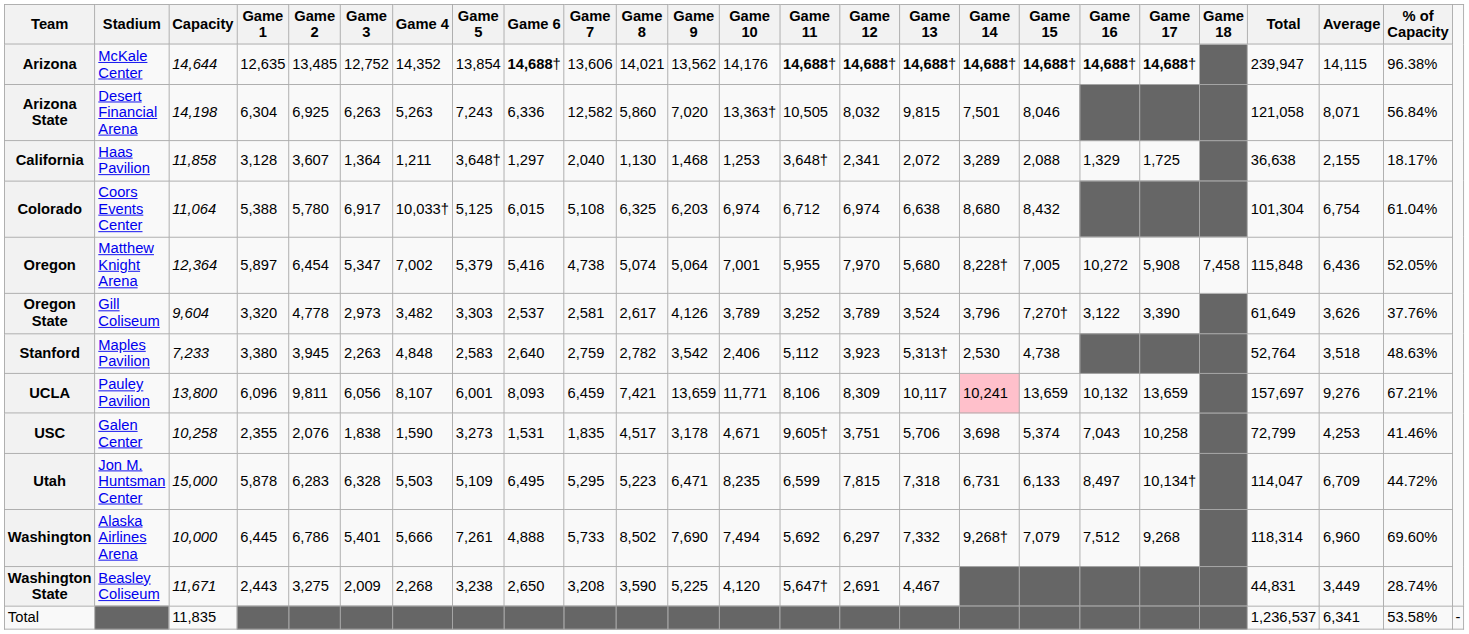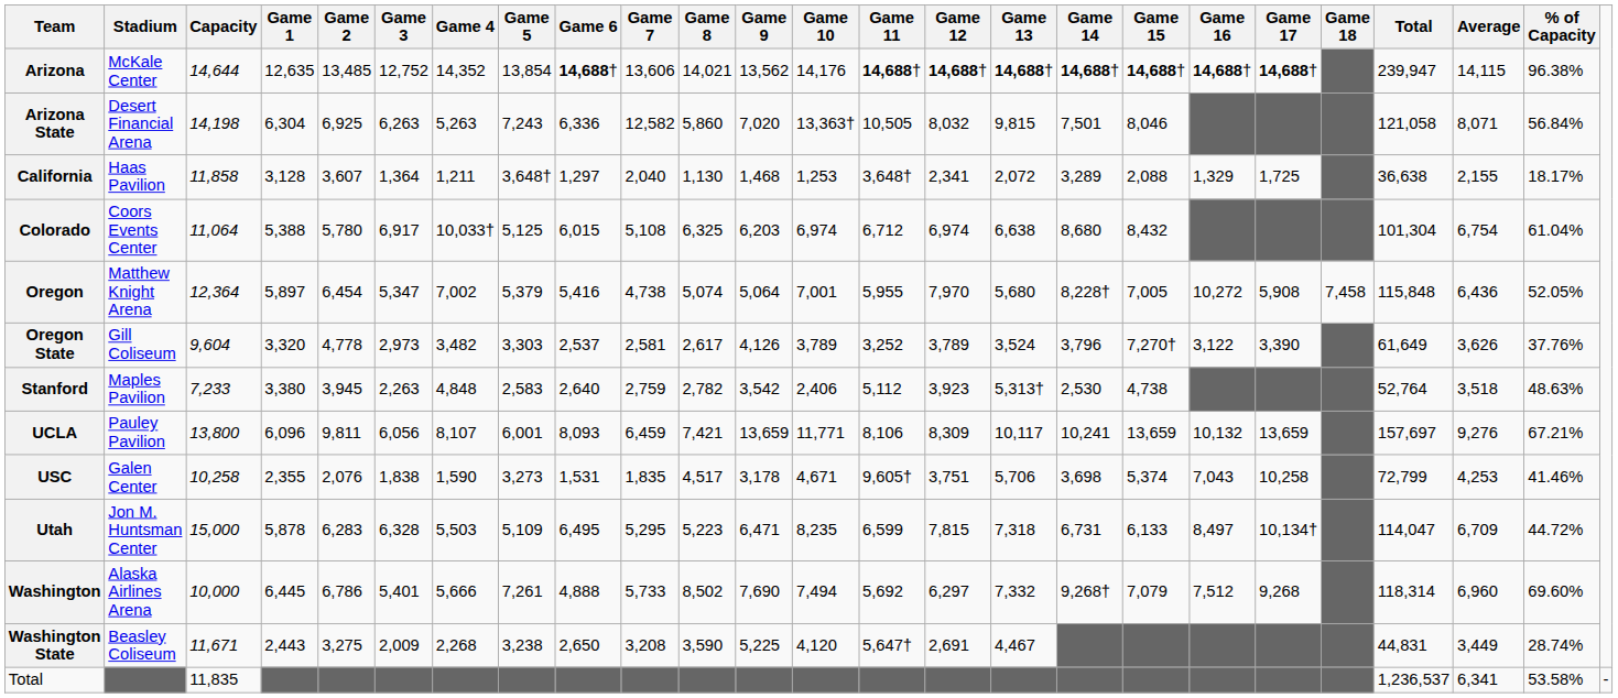 <table class="wikitable">
 <tr>
 <th>Team</th>
 <th>Stadium</th>
 <th>Capacity</th>
 <th>Game 1</th>
 <th>Game 2</th>
 <th>Game 3</th>
 <th>Game 4</th>
 <th>Game 5</th>
 <th>Game 6</th>
 <th>Game 7</th>
 <th>Game 8</th>
 <th>Game 9</th>
 <th>Game 10</th>
 <th>Game 11</th>
 <th>Game 12</th>
 <th>Game 13</th>
 <th>Game 14</th>
 <th>Game 15</th>
 <th>Game 16</th>
 <th>Game 17</th>
 <th>Game 18</th>
 <th>Total</th>
 <th>Average</th>
 <th>% of Capacity</th>
 </tr>
 <tr>
 <th style=>Arizona</th>
 <td><a href='#'>McKale Center</a></td>
 <td><em>14,644</em></td>
 <td>12,635</td>
 <td>13,485</td>
 <td>12,752</td>
 <td>14,352</td>
 <td>13,854</td>
 <td><strong>14,688</strong>†</td>
 <td>13,606</td>
 <td>14,021</td>
 <td>13,562</td>
 <td>14,176</td>
 <td><strong>14,688</strong>†</td>
 <td><strong>14,688</strong>†</td>
 <td><strong>14,688</strong>†</td>
 <td><strong>14,688</strong>†</td>
 <td><strong>14,688</strong>†</td>
 <td><strong>14,688</strong>†</td>
 <td><strong>14,688</strong>†</td>
 <td style="background:#666666;"></td>
 <td>239,947</td>
 <td>14,115</td>
 <td>96.38%</td>
 </tr>
 <tr>
 <th style=>Arizona State</th>
 <td><a href='#'>Desert Financial Arena</a></td>
 <td><em>14,198</em></td>
 <td>6,304</td>
 <td>6,925</td>
 <td>6,263</td>
 <td>5,263</td>
 <td>7,243</td>
 <td>6,336</td>
 <td>12,582</td>
 <td>5,860</td>
 <td>7,020</td>
 <td>13,363†</td>
 <td>10,505</td>
 <td>8,032</td>
 <td>9,815</td>
 <td>7,501</td>
 <td>8,046</td>
 <td style="background:#666666;"></td>
 <td style="background:#666666;"></td>
 <td style="background:#666666;"></td>
 <td>121,058</td>
 <td>8,071</td>
 <td>56.84%</td>
 </tr>
 <tr>
 <th style=>California</th>
 <td><a href='#'>Haas Pavilion</a></td>
 <td><em>11,858</em></td>
 <td>3,128</td>
 <td>3,607</td>
 <td>1,364</td>
 <td>1,211</td>
 <td>3,648†</td>
 <td>1,297</td>
 <td>2,040</td>
 <td>1,130</td>
 <td>1,468</td>
 <td>1,253</td>
 <td>3,648†</td>
 <td>2,341</td>
 <td>2,072</td>
 <td>3,289</td>
 <td>2,088</td>
 <td>1,329</td>
 <td>1,725</td>
 <td style="background:#666666;"></td>
 <td>36,638</td>
 <td>2,155</td>
 <td>18.17%</td>
 </tr>
 <tr>
 <th style=>Colorado</th>
 <td><a href='#'>Coors Events Center</a></td>
 <td><em>11,064</em></td>
 <td>5,388</td>
 <td>5,780</td>
 <td>6,917</td>
 <td>10,033†</td>
 <td>5,125</td>
 <td>6,015</td>
 <td>5,108</td>
 <td>6,325</td>
 <td>6,203</td>
 <td>6,974</td>
 <td>6,712</td>
 <td>6,974</td>
 <td>6,638</td>
 <td>8,680</td>
 <td>8,432</td>
 <td style="background:#666666;"></td>
 <td style="background:#666666;"></td>
 <td style="background:#666666;"></td>
 <td>101,304</td>
 <td>6,754</td>
 <td>61.04%</td>
 </tr>
 <tr>
 <th style=>Oregon</th>
 <td><a href='#'>Matthew Knight Arena</a></td>
 <td><em>12,364</em></td>
 <td>5,897</td>
 <td>6,454</td>
 <td>5,347</td>
 <td>7,002</td>
 <td>5,379</td>
 <td>5,416</td>
 <td>4,738</td>
 <td>5,074</td>
 <td>5,064</td>
 <td>7,001</td>
 <td>5,955</td>
 <td>7,970</td>
 <td>5,680</td>
 <td>8,228†</td>
 <td>7,005</td>
 <td>10,272</td>
 <td>5,908</td>
 <td>7,458</td>
 <td>115,848</td>
 <td>6,436</td>
 <td>52.05%</td>
 </tr>
 <tr>
 <th style=>Oregon State</th>
 <td><a href='#'>Gill Coliseum</a></td>
 <td><em>9,604</em></td>
 <td>3,320</td>
 <td>4,778</td>
 <td>2,973</td>
 <td>3,482</td>
 <td>3,303</td>
 <td>2,537</td>
 <td>2,581</td>
 <td>2,617</td>
 <td>4,126</td>
 <td>3,789</td>
 <td>3,252</td>
 <td>3,789</td>
 <td>3,524</td>
 <td>3,796</td>
 <td>7,270†</td>
 <td>3,122</td>
 <td>3,390</td>
 <td style="background:#666666;"></td>
 <td>61,649</td>
 <td>3,626</td>
 <td>37.76%</td>
 </tr>
 <tr>
 <th style=>Stanford</th>
 <td><a href='#'>Maples Pavilion</a></td>
 <td><em>7,233</em></td>
 <td>3,380</td>
 <td>3,945</td>
 <td>2,263</td>
 <td>4,848</td>
 <td>2,583</td>
 <td>2,640</td>
 <td>2,759</td>
 <td>2,782</td>
 <td>3,542</td>
 <td>2,406</td>
 <td>5,112</td>
 <td>3,923</td>
 <td>5,313†</td>
 <td>2,530</td>
 <td>4,738</td>
 <td style="background:#666666;"></td>
 <td style="background:#666666;"></td>
 <td style="background:#666666;"></td>
 <td>52,764</td>
 <td>3,518</td>
 <td>48.63%</td>
 </tr>
 <tr>
 <th style=>UCLA</th>
 <td><a href='#'>Pauley Pavilion</a></td>
 <td><em>13,800</em></td>
 <td>6,096</td>
 <td>9,811</td>
 <td>6,056</td>
 <td>8,107</td>
 <td>6,001</td>
 <td>8,093</td>
 <td>6,459</td>
 <td>7,421</td>
 <td>13,659</td>
 <td>11,771</td>
 <td>8,106</td>
 <td>8,309</td>
 <td>10,117</td>
-<td style="background: pink;">10,241</td>
+<td>10,241</td>
 <td>13,659</td>
 <td>10,132</td>
 <td>13,659</td>
 <td style="background:#666666;"></td>
 <td>157,697</td>
 <td>9,276</td>
 <td>67.21%</td>
 </tr>
 <tr>
 <th style=>USC</th>
 <td><a href='#'>Galen Center</a></td>
 <td><em>10,258</em></td>
 <td>2,355</td>
 <td>2,076</td>
 <td>1,838</td>
 <td>1,590</td>
 <td>3,273</td>
 <td>1,531</td>
 <td>1,835</td>
 <td>4,517</td>
 <td>3,178</td>
 <td>4,671</td>
 <td>9,605†</td>
 <td>3,751</td>
 <td>5,706</td>
 <td>3,698</td>
 <td>5,374</td>
 <td>7,043</td>
 <td>10,258</td>
 <td style="background:#666666;"></td>
 <td>72,799</td>
 <td>4,253</td>
 <td>41.46%</td>
 </tr>
 <tr>
 <th style=>Utah</th>
 <td><a href='#'>Jon M. Huntsman Center</a></td>
 <td><em>15,000</em></td>
 <td>5,878</td>
 <td>6,283</td>
 <td>6,328</td>
 <td>5,503</td>
 <td>5,109</td>
 <td>6,495</td>
 <td>5,295</td>
 <td>5,223</td>
 <td>6,471</td>
 <td>8,235</td>
 <td>6,599</td>
 <td>7,815</td>
 <td>7,318</td>
 <td>6,731</td>
 <td>6,133</td>
 <td>8,497</td>
 <td>10,134†</td>
 <td style="background:#666666;"></td>
 <td>114,047</td>
 <td>6,709</td>
 <td>44.72%</td>
 </tr>
 <tr>
 <th style=>Washington</th>
 <td><a href='#'>Alaska Airlines Arena</a></td>
 <td><em>10,000</em></td>
 <td>6,445</td>
 <td>6,786</td>
 <td>5,401</td>
 <td>5,666</td>
 <td>7,261</td>
 <td>4,888</td>
 <td>5,733</td>
 <td>8,502</td>
 <td>7,690</td>
 <td>7,494</td>
 <td>5,692</td>
 <td>6,297</td>
 <td>7,332</td>
 <td>9,268†</td>
 <td>7,079</td>
 <td>7,512</td>
 <td>9,268</td>
 <td style="background:#666666;"></td>
 <td>118,314</td>
 <td>6,960</td>
 <td>69.60%</td>
 </tr>
 <tr>
 <th style=>Washington State</th>
 <td><a href='#'>Beasley Coliseum</a></td>
 <td><em>11,671</em></td>
 <td>2,443</td>
 <td>3,275</td>
 <td>2,009</td>
 <td>2,268</td>
 <td>3,238</td>
 <td>2,650</td>
 <td>3,208</td>
 <td>3,590</td>
 <td>5,225</td>
 <td>4,120</td>
 <td>5,647†</td>
 <td>2,691</td>
 <td>4,467</td>
 <td style="background:#666666;"></td>
 <td style="background:#666666;"></td>
 <td style="background:#666666;"></td>
 <td style="background:#666666;"></td>
 <td style="background:#666666;"></td>
 <td>44,831</td>
 <td>3,449</td>
 <td>28.74%</td>
 </tr>
 <tr>
 <td>Total</td>
 <td style="background:#666666;"></td>
 <td>11,835</td>
 <td style="background:#666666;"></td>
 <td style="background:#666666;"></td>
 <td style="background:#666666;"></td>
 <td style="background:#666666;"></td>
 <td style="background:#666666;"></td>
 <td style="background:#666666;"></td>
 <td style="background:#666666;"></td>
 <td style="background:#666666;"></td>
 <td style="background:#666666;"></td>
 <td style="background:#666666;"></td>
 <td style="background:#666666;"></td>
 <td style="background:#666666;"></td>
 <td style="background:#666666;"></td>
 <td style="background:#666666;"></td>
 <td style="background:#666666;"></td>
 <td style="background:#666666;"></td>
 <td style="background:#666666;"></td>
 <td style="background:#666666;"></td>
 <td>1,236,537</td>
 <td>6,341</td>
 <td>53.58%</td>
 <td>-</td>
 </tr>
 </table>
